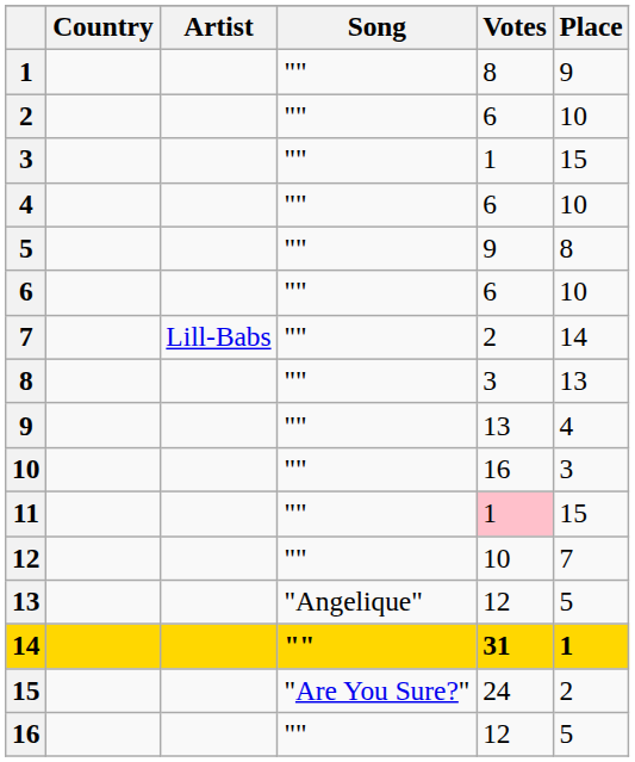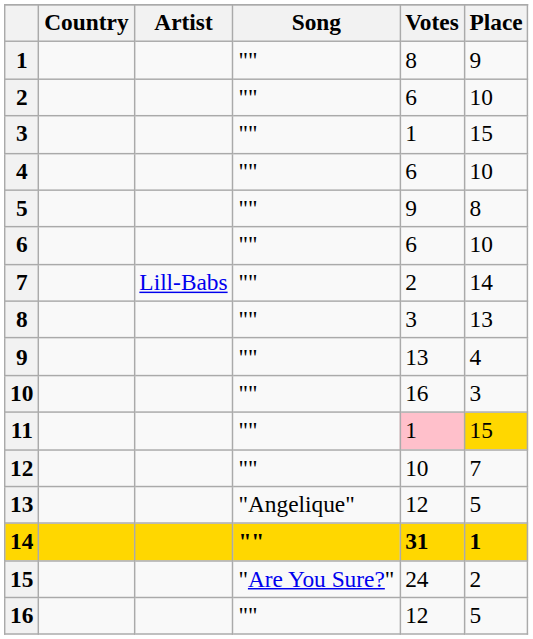 <table class="sortable wikitable plainrowheaders">
 <tr>
 </tr>
 <tr>
 <th scope="col"></th>
 <th scope="col">Country</th>
 <th scope="col">Artist</th>
 <th scope="col">Song</th>
 <th scope="col" class="unsortable">Votes</th>
 <th scope="col">Place</th>
 </tr>
 <tr>
 <th scope="row" style="text-align:center;">1</th>
 <td></td>
 <td></td>
 <td>""</td>
 <td>8</td>
 <td>9</td>
 </tr>
 <tr>
 <th scope="row" style="text-align:center;">2</th>
 <td></td>
 <td></td>
 <td>""</td>
 <td>6</td>
 <td>10</td>
 </tr>
 <tr>
 <th scope="row" style="text-align:center;">3</th>
 <td></td>
 <td></td>
 <td>""</td>
 <td>1</td>
 <td>15</td>
 </tr>
 <tr>
 <th scope="row" style="text-align:center;">4</th>
 <td></td>
 <td></td>
 <td>""</td>
 <td>6</td>
 <td>10</td>
 </tr>
 <tr>
 <th scope="row" style="text-align:center;">5</th>
 <td></td>
 <td></td>
 <td>""</td>
 <td>9</td>
 <td>8</td>
 </tr>
 <tr>
 <th scope="row" style="text-align:center;">6</th>
 <td></td>
 <td></td>
 <td>""</td>
 <td>6</td>
 <td>10</td>
 </tr>
 <tr>
 <th scope="row" style="text-align:center;">7</th>
 <td></td>
 <td><a href='#'>Lill-Babs</a></td>
 <td>""</td>
 <td>2</td>
 <td>14</td>
 </tr>
 <tr>
 <th scope="row" style="text-align:center;">8</th>
 <td></td>
 <td></td>
 <td>""</td>
 <td>3</td>
 <td>13</td>
 </tr>
 <tr>
 <th scope="row" style="text-align:center;">9</th>
 <td></td>
 <td></td>
 <td>""</td>
 <td>13</td>
 <td>4</td>
 </tr>
 <tr>
 <th scope="row" style="text-align:center;">10</th>
 <td></td>
 <td></td>
 <td>""</td>
 <td>16</td>
 <td>3</td>
 </tr>
 <tr>
 <th scope="row" style="text-align:center;">11</th>
 <td></td>
 <td></td>
 <td>""</td>
 <td style="background: pink;">1</td>
-<td>15</td>
+<td style="background: gold;">15</td>
 </tr>
 <tr>
 <th scope="row" style="text-align:center;">12</th>
 <td></td>
 <td></td>
 <td>""</td>
 <td>10</td>
 <td>7</td>
 </tr>
 <tr>
 <th scope="row" style="text-align:center;">13</th>
 <td></td>
 <td></td>
 <td>"Angelique"</td>
 <td>12</td>
 <td>5</td>
 </tr>
 <tr style="font-weight:bold; background:gold;">
 <th scope="row" style="text-align:center; font-weight:bold; background:gold;">14</th>
 <td></td>
 <td></td>
 <td>""</td>
 <td>31</td>
 <td>1</td>
 </tr>
 <tr>
 <th scope="row" style="text-align:center;">15</th>
 <td></td>
 <td></td>
 <td>"<a href='#'>Are You Sure?</a>"</td>
 <td>24</td>
 <td>2</td>
 </tr>
 <tr>
 <th scope="row" style="text-align:center;">16</th>
 <td></td>
 <td></td>
 <td>""</td>
 <td>12</td>
 <td>5</td>
 </tr>
 </table>
